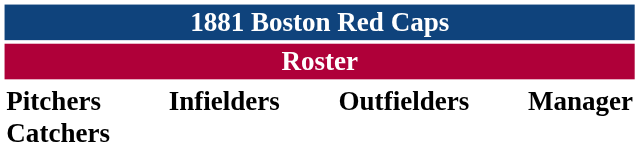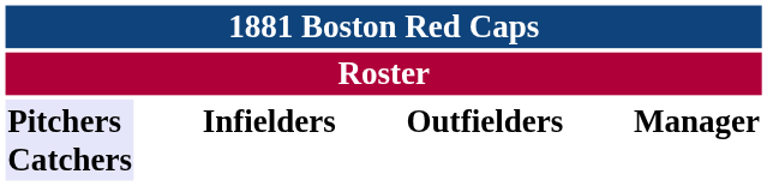 <table class="toccolours" style="font-size: 95%;">
 <tr>
 <th colspan="10" style="background-color: #0f437c; color: white; text-align: center;">1881 Boston Red Caps</th>
 </tr>
 <tr>
 <td colspan="10" style="background-color: #af0039; color: white; text-align: center;"><strong>Roster</strong></td>
 </tr>
 <tr>
-<td valign="top"><strong>Pitchers</strong><br>   <strong>Catchers</strong>  </td>
+<td valign="top" style="background: lavender;"><strong>Pitchers</strong><br>   <strong>Catchers</strong>  </td>
 <td width="25px"></td>
 <td valign="top"><strong>Infielders</strong><br>      </td>
 <td width="25px"></td>
 <td valign="top"><strong>Outfielders</strong><br>    </td>
 <td width="25px"></td>
 <td valign="top"><strong>Manager</strong><br></td>
 </tr>
 </table>
